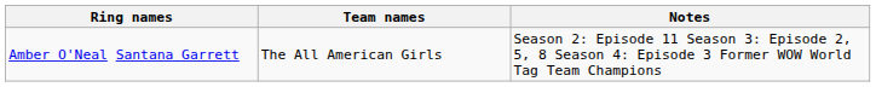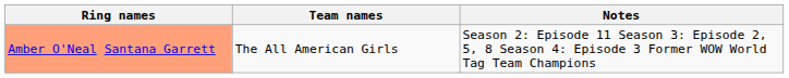 <table class="wikitable sortable" style="width:65%;">
 <tr>
 <th width=19%>Ring names</th>
 <th width=19%>Team names</th>
 <th width=27%>Notes</th>
 </tr>
 <tr>
-<td><a href='#'>Amber O'Neal</a>  <a href='#'>Santana Garrett</a></td>
+<td style="background: lightsalmon;"><a href='#'>Amber O'Neal</a>  <a href='#'>Santana Garrett</a></td>
 <td>The All American Girls</td>
 <td>Season 2: Episode 11  Season 3: Episode 2, 5, 8  Season 4: Episode 3  Former WOW World Tag Team Champions</td>
 </tr>
 </table>
